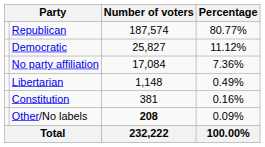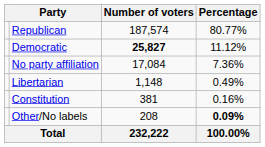 <table class="wikitable floatright">
 <tr>
 <th colspan = 2>Party</th>
 <th>Number of voters</th>
 <th>Percentage</th>
 </tr>
 <tr>
 <td></td>
 <td><a href='#'>Republican</a></td>
 <td style="text-align:center;">187,574</td>
 <td style="text-align:center;">80.77%</td>
 </tr>
 <tr>
 <td></td>
 <td><a href='#'>Democratic</a></td>
-<td style="text-align:center;">25,827</td>
+<td style="text-align:center;"><strong>25,827</strong></td>
 <td style="text-align:center;">11.12%</td>
 </tr>
 <tr>
 <td></td>
 <td><a href='#'>No party affiliation</a></td>
 <td style="text-align:center;">17,084</td>
 <td style="text-align:center;">7.36%</td>
 </tr>
 <tr>
 <td></td>
 <td><a href='#'>Libertarian</a></td>
 <td style="text-align:center;">1,148</td>
 <td style="text-align:center;">0.49%</td>
 </tr>
 <tr>
 <td></td>
 <td><a href='#'>Constitution</a></td>
 <td style="text-align:center;">381</td>
 <td style="text-align:center;">0.16%</td>
 </tr>
 <tr>
 <td></td>
 <td><a href='#'>Other</a>/No labels</td>
-<td style="text-align:center;"><strong>208</strong></td>
-<td style="text-align:center;">0.09%</td>
+<td style="text-align:center;">208</td>
+<td style="text-align:center;"><strong>0.09%</strong></td>
 </tr>
 <tr>
 <th colspan = 2>Total</th>
 <th style="text-align:center;">232,222</th>
 <th style="text-align:center;">100.00%</th>
 </tr>
 </table>
